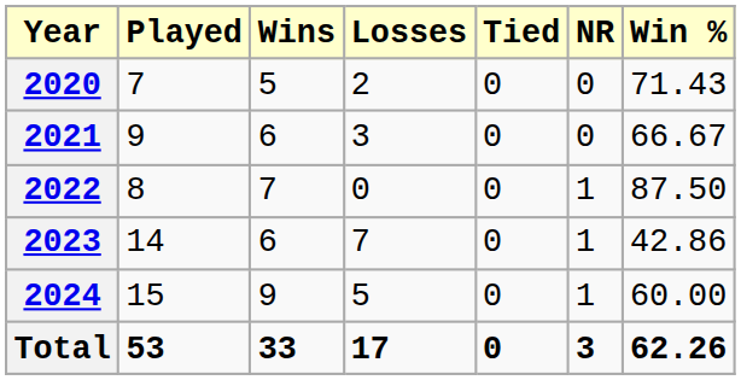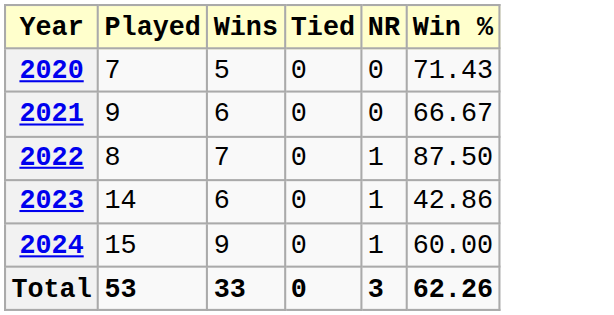 <table class="wikitable" style="width:25%;">
 <tr>
 <th style="background:#ffc;">Year</th>
 <th style="background:#ffc;">Played</th>
 <th style="background:#ffc;">Wins</th>
-<th style="background:#ffc;">Losses</th>
 <th style="background:#ffc;">Tied</th>
 <th style="background:#ffc;">NR</th>
 <th style="background:#ffc;">Win %</th>
 </tr>
 <tr>
 <th><a href='#'>2020</a></th>
 <td>7</td>
 <td>5</td>
-<td>2</td>
 <td>0</td>
 <td>0</td>
 <td>71.43</td>
 </tr>
 <tr>
 <th><a href='#'>2021</a></th>
 <td>9</td>
 <td>6</td>
-<td>3</td>
 <td>0</td>
 <td>0</td>
 <td>66.67</td>
 </tr>
 <tr>
 <th><a href='#'>2022</a></th>
 <td>8</td>
 <td>7</td>
 <td>0</td>
-<td>0</td>
 <td>1</td>
 <td>87.50</td>
 </tr>
 <tr>
 <th><a href='#'>2023</a></th>
 <td>14</td>
 <td>6</td>
-<td>7</td>
 <td>0</td>
 <td>1</td>
 <td>42.86</td>
 </tr>
 <tr>
 <th><a href='#'>2024</a></th>
 <td>15</td>
 <td>9</td>
-<td>5</td>
 <td>0</td>
 <td>1</td>
 <td>60.00</td>
 </tr>
 <tr>
 <th>Total</th>
 <td><strong>53</strong></td>
 <td><strong>33</strong></td>
-<td><strong>17</strong></td>
 <td><strong>0</strong></td>
 <td><strong>3</strong></td>
 <td><strong>62.26</strong></td>
 </tr>
 </table>
